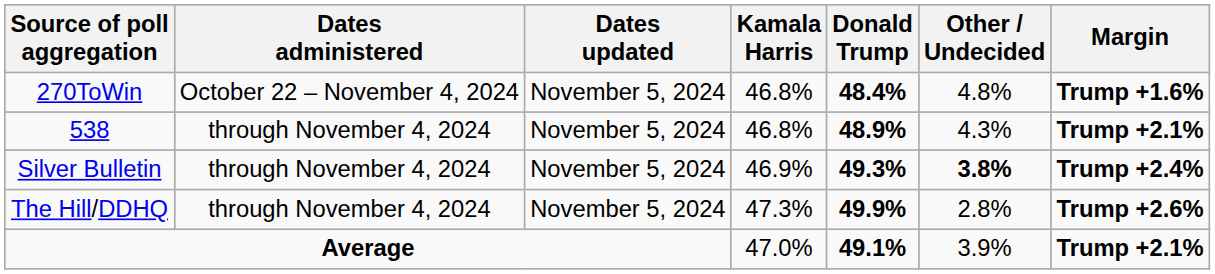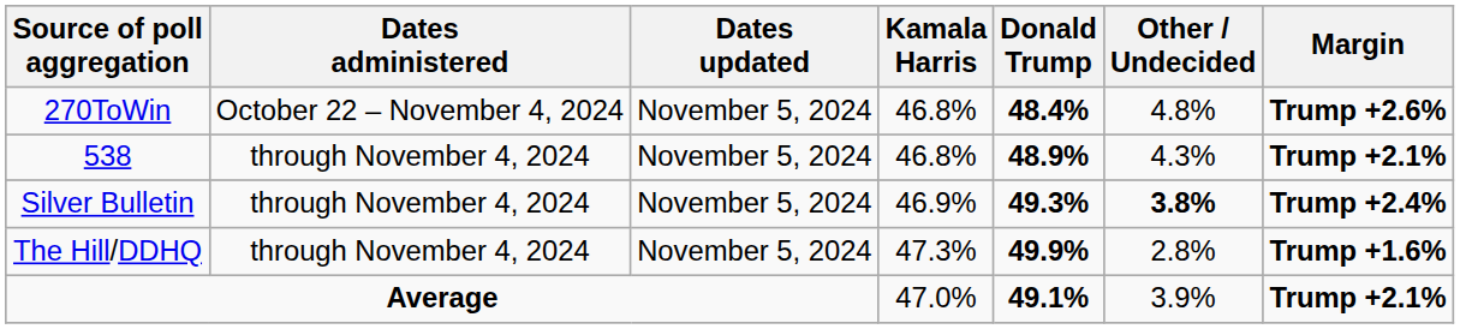 <table class="wikitable sortable" style="text-align:center;font-size:90%;line-height:17px">
 <tr>
 <th>Source of poll<br>aggregation</th>
 <th>Dates<br>administered</th>
 <th>Dates<br>updated</th>
 <th class="unsortable">Kamala<br>Harris<br><small></small></th>
 <th class="unsortable">Donald<br>Trump<br><small></small></th>
 <th>Other /<br>Undecided<br></th>
 <th>Margin</th>
 </tr>
 <tr>
 <td><a href='#'>270ToWin</a></td>
 <td>October 22 – November 4, 2024</td>
 <td>November 5, 2024</td>
 <td>46.8%</td>
 <td style="background-color:"><strong>48.4%</strong></td>
 <td>4.8%</td>
-<td style="background-color:"><strong>Trump +1.6%</strong></td>
+<td style="background-color:"><strong>Trump +2.6%</strong></td>
 </tr>
 <tr>
 <td><a href='#'>538</a></td>
 <td>through November 4, 2024</td>
 <td>November 5, 2024</td>
 <td>46.8%</td>
 <td style="background-color:"><strong>48.9%</strong></td>
 <td>4.3%</td>
 <td style="background-color:"><strong>Trump +2.1%</strong></td>
 </tr>
 <tr>
 <td><a href='#'>Silver Bulletin</a></td>
 <td>through November 4, 2024</td>
 <td>November 5, 2024</td>
 <td>46.9%</td>
 <td style="background-color:"><strong>49.3%</strong></td>
 <td><strong>3.8%</strong></td>
 <td style="background-color:"><strong>Trump +2.4%</strong></td>
 </tr>
 <tr>
 <td><a href='#'>The Hill</a>/<a href='#'>DDHQ</a></td>
 <td>through November 4, 2024</td>
 <td>November 5, 2024</td>
 <td>47.3%</td>
 <td style="background-color:"><strong>49.9%</strong></td>
 <td>2.8%</td>
-<td style="background-color:"><strong>Trump +2.6%</strong></td>
+<td style="background-color:"><strong>Trump +1.6%</strong></td>
 </tr>
 <tr>
 <td colspan="3"><strong>Average</strong></td>
 <td>47.0%</td>
 <td style="background-color:"><strong>49.1%</strong></td>
 <td>3.9%</td>
 <td style="background-color:"><strong>Trump +2.1%</strong></td>
 </tr>
 </table>
